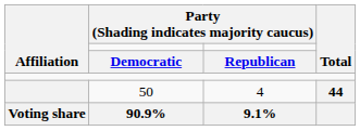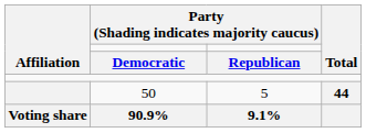 <table class=wikitable style="text-align:center">
 <tr style="vertical-align:bottom;">
 <th rowspan=3>Affiliation</th>
 <th colspan=2>Party <div>(Shading indicates majority caucus)</div></th>
 <th rowspan=3>Total</th>
 </tr>
 <tr style="height:5px">
 <td style="background-color:"></td>
 <td style="background-color:"></td>
 </tr>
 <tr>
 <th><a href='#'>Democratic</a></th>
 <th><a href='#'>Republican</a></th>
 </tr>
 <tr>
 <td colspan=5></td>
 </tr>
 <tr>
 <th nowrap style="font-size:80%"></th>
 <td>50</td>
-<td>4</td>
+<td>5</td>
 <th>44</th>
 </tr>
 <tr>
 <th>Voting share</th>
 <th>90.9%</th>
 <th>9.1%</th>
 <th colspan=2></th>
 </tr>
 </table>
